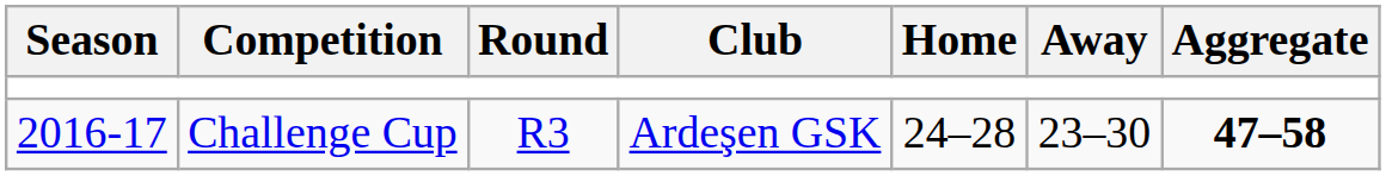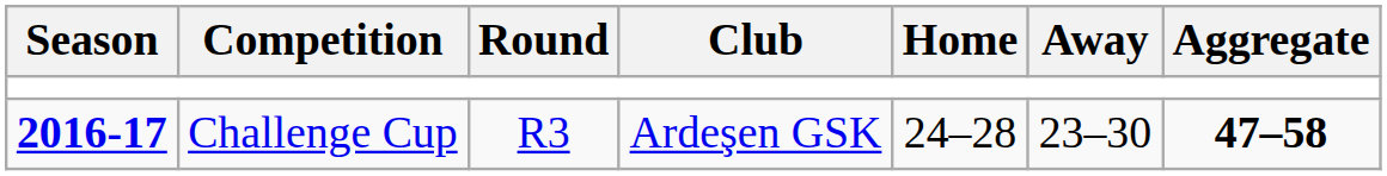 <table class="wikitable">
 <tr>
 <th>Season</th>
 <th>Competition</th>
 <th>Round</th>
 <th>Club</th>
 <th>Home</th>
 <th>Away</th>
 <th>Aggregate</th>
 </tr>
 <tr>
 <td colspan="7" bgcolor=white></td>
 </tr>
 <tr>
-<td><a href='#'>2016-17</a></td>
+<td><strong><a href='#'>2016-17</a></strong></td>
 <td><a href='#'>Challenge Cup</a></td>
 <td style="text-align:center;"><a href='#'>R3</a></td>
 <td> <a href='#'>Ardeşen GSK</a></td>
 <td style="text-align:center;">24–28</td>
 <td style="text-align:center;">23–30</td>
 <td style="text-align:center;"><strong>47–58</strong></td>
 </tr>
 </table>
